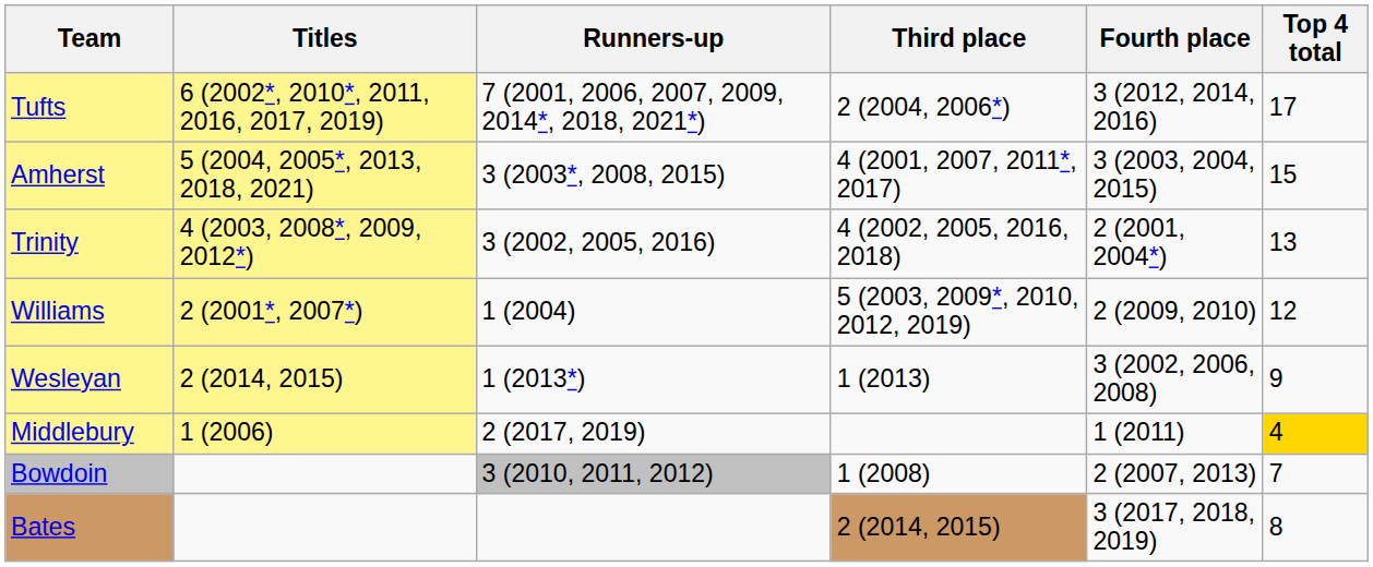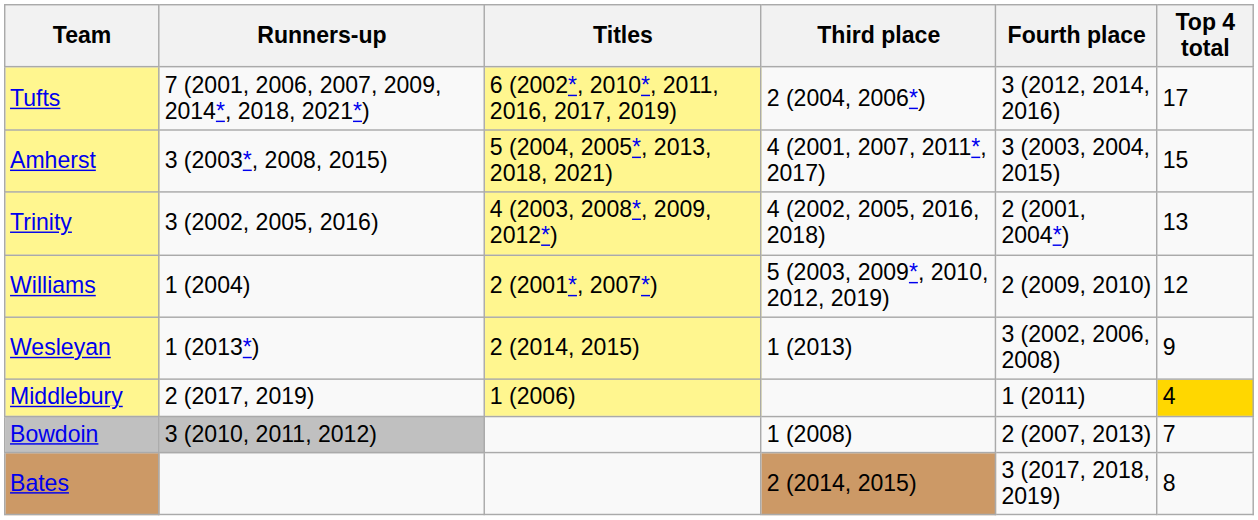 <table class="wikitable sortable">
 <tr>
 <th width=100px>Team</th>
+<th>Runners-up</th>
 <th>Titles</th>
-<th>Runners-up</th>
 <th>Third place</th>
 <th>Fourth place</th>
 <th>Top 4 total</th>
 </tr>
 <tr>
 <td style="background:#fff68f"><a href='#'>Tufts</a></td>
+<td>7 (2001, 2006, 2007, 2009, 2014<a href='#'>*</a>, 2018, 2021<a href='#'>*</a>)</td>
 <td style="background:#fff68f">6 (2002<a href='#'>*</a>, 2010<a href='#'>*</a>, 2011, 2016, 2017, 2019)</td>
-<td>7 (2001, 2006, 2007, 2009, 2014<a href='#'>*</a>, 2018, 2021<a href='#'>*</a>)</td>
 <td>2 (2004, 2006<a href='#'>*</a>)</td>
 <td>3 (2012, 2014, 2016)</td>
 <td>17</td>
 </tr>
 <tr>
 <td style="background:#fff68f"><a href='#'>Amherst</a></td>
+<td>3 (2003<a href='#'>*</a>, 2008, 2015)</td>
 <td style="background:#fff68f">5 (2004, 2005<a href='#'>*</a>, 2013, 2018, 2021)</td>
-<td>3 (2003<a href='#'>*</a>, 2008, 2015)</td>
 <td>4 (2001, 2007, 2011<a href='#'>*</a>, 2017)</td>
 <td>3 (2003, 2004, 2015)</td>
 <td>15</td>
 </tr>
 <tr>
 <td style="background:#fff68f"><a href='#'>Trinity</a></td>
+<td>3 (2002, 2005, 2016)</td>
 <td style="background:#fff68f">4 (2003, 2008<a href='#'>*</a>, 2009, 2012<a href='#'>*</a>)</td>
-<td>3 (2002, 2005, 2016)</td>
 <td>4 (2002, 2005, 2016, 2018)</td>
 <td>2 (2001, 2004<a href='#'>*</a>)</td>
 <td>13</td>
 </tr>
 <tr>
 <td style="background:#fff68f"><a href='#'>Williams</a></td>
+<td>1 (2004)</td>
 <td style="background:#fff68f">2 (2001<a href='#'>*</a>, 2007<a href='#'>*</a>)</td>
-<td>1 (2004)</td>
 <td>5 (2003, 2009<a href='#'>*</a>, 2010, 2012, 2019)</td>
 <td>2 (2009, 2010)</td>
 <td>12</td>
 </tr>
 <tr>
 <td style="background:#fff68f"><a href='#'>Wesleyan</a></td>
+<td>1 (2013<a href='#'>*</a>)</td>
 <td style="background:#fff68f">2 (2014, 2015)</td>
-<td>1 (2013<a href='#'>*</a>)</td>
 <td>1 (2013)</td>
 <td>3 (2002, 2006, 2008)</td>
 <td>9</td>
 </tr>
 <tr>
 <td style="background:#fff68f"><a href='#'>Middlebury</a></td>
+<td>2 (2017, 2019)</td>
 <td style="background:#fff68f">1 (2006)</td>
-<td>2 (2017, 2019)</td>
 <td></td>
 <td>1 (2011)</td>
 <td style="background: gold;">4</td>
 </tr>
 <tr>
 <td style="background:#C0C0C0"><a href='#'>Bowdoin</a></td>
+<td style="background:#C0C0C0">3 (2010, 2011, 2012)</td>
 <td></td>
-<td style="background:#C0C0C0">3 (2010, 2011, 2012)</td>
 <td>1 (2008)</td>
 <td>2 (2007, 2013)</td>
 <td>7</td>
 </tr>
 <tr>
 <td style="background:#cc9966"><a href='#'>Bates</a></td>
 <td></td>
 <td></td>
 <td style="background:#cc9966">2 (2014, 2015)</td>
 <td>3 (2017, 2018, 2019)</td>
 <td>8</td>
 </tr>
 </table>
